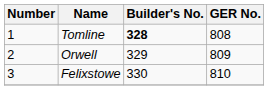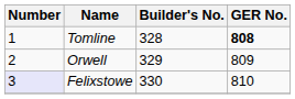 <table class="wikitable">
 <tr>
 <th>Number</th>
 <th>Name</th>
 <th>Builder's No.</th>
 <th>GER No.</th>
 </tr>
 <tr>
 <td>1</td>
 <td><em>Tomline</em></td>
-<td><strong>328</strong></td>
-<td>808</td>
+<td>328</td>
+<td><strong>808</strong></td>
 </tr>
 <tr>
 <td>2</td>
 <td><em>Orwell</em></td>
 <td>329</td>
 <td>809</td>
 </tr>
 <tr>
-<td>3</td>
+<td style="background: lavender;">3</td>
 <td><em>Felixstowe</em></td>
 <td>330</td>
 <td>810</td>
 </tr>
 <tr>
 </tr>
 </table>
